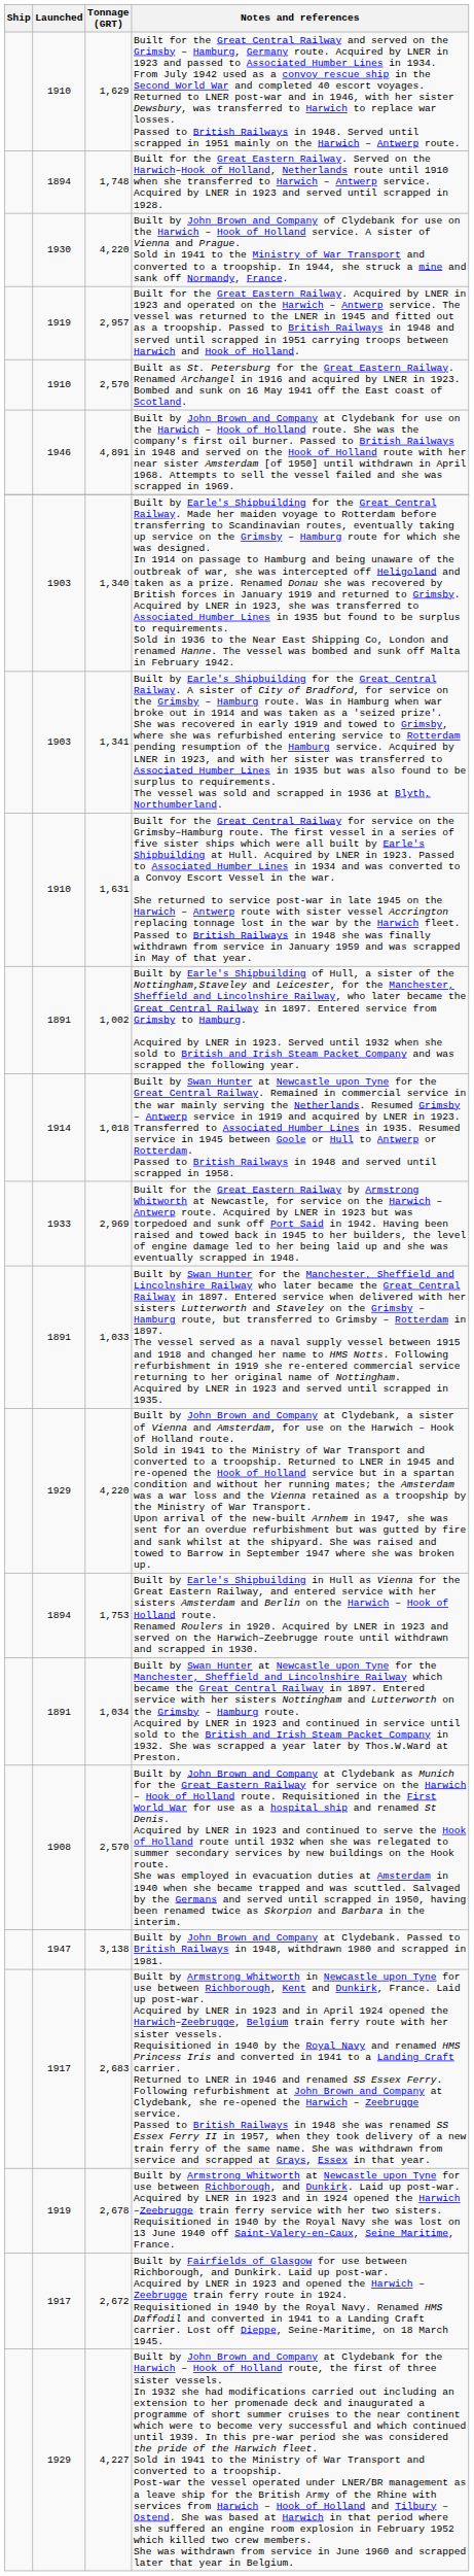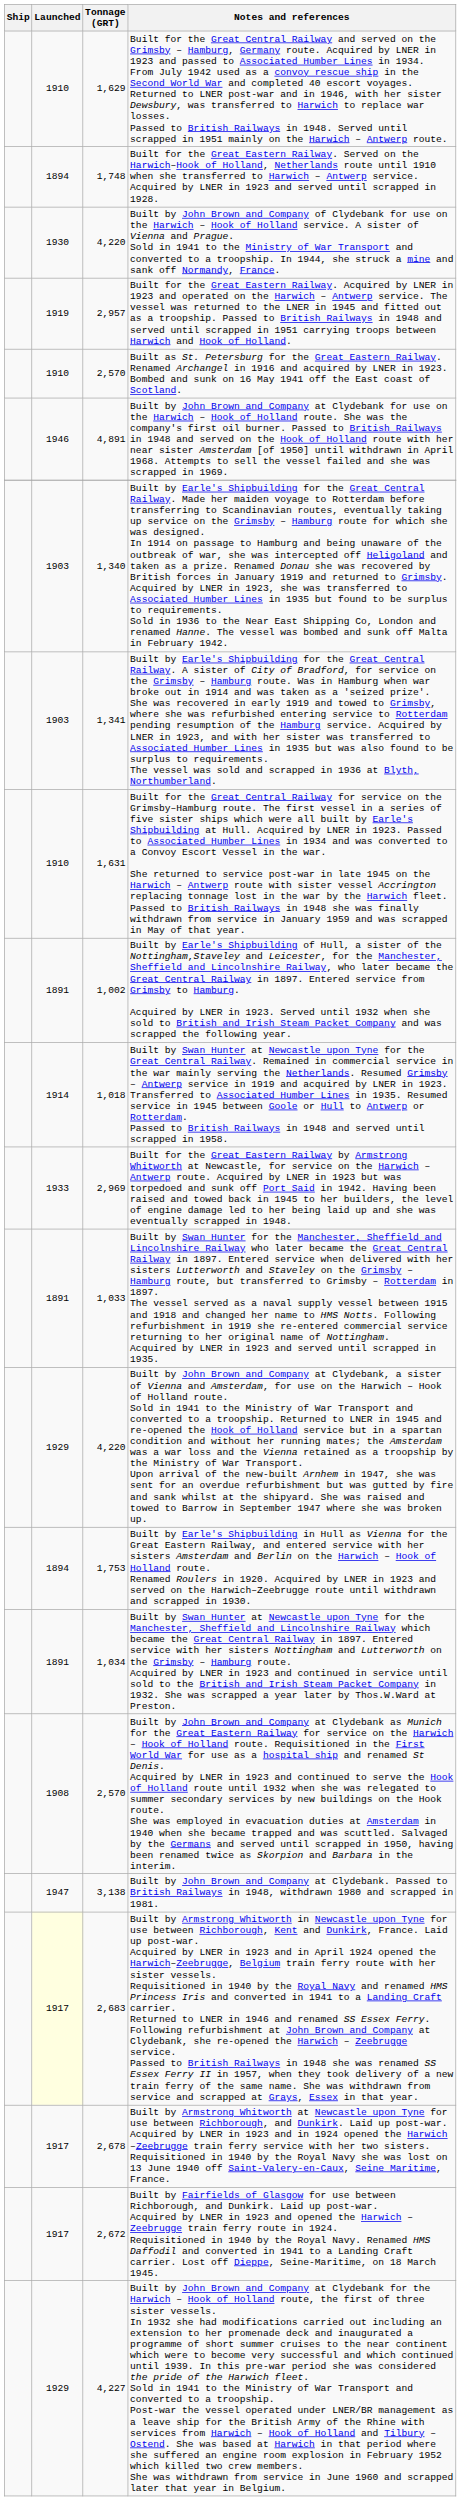 <table class="wikitable sortable">
 <tr>
 <th scope="col">Ship</th>
 <th scope="col">Launched</th>
 <th scope="col">Tonnage<br>(GRT)</th>
 <th scope="col">Notes and references</th>
 </tr>
 <tr>
 <td></td>
 <td align="center">1910</td>
 <td align="right">1,629</td>
 <td>Built for the <a href='#'>Great Central Railway</a> and served on the <a href='#'>Grimsby</a> – <a href='#'>Hamburg</a>, <a href='#'>Germany</a> route. Acquired by <abbr>LNER</abbr> in 1923 and passed to <a href='#'>Associated Humber Lines</a> in 1934.<br>From July 1942 used as a <a href='#'>convoy rescue ship</a> in the <a href='#'>Second World War</a> and completed 40 escort voyages. Returned to LNER post-war and in 1946, with her sister <em>Dewsbury</em>, was transferred to <a href='#'>Harwich</a> to replace war losses.<br>Passed to <a href='#'>British Railways</a> in 1948. Served until scrapped in 1951 mainly on the <a href='#'>Harwich</a> – <a href='#'>Antwerp</a> route.</td>
 </tr>
 <tr>
 <td></td>
 <td align="center">1894</td>
 <td align="right">1,748</td>
 <td>Built for the <a href='#'>Great Eastern Railway</a>. Served on the <a href='#'>Harwich</a>–<a href='#'>Hook of Holland</a>, <a href='#'>Netherlands</a> route until 1910 when she transferred to <a href='#'>Harwich</a> – <a href='#'>Antwerp</a> service.<br>Acquired by LNER in 1923 and served until scrapped in 1928.</td>
 </tr>
 <tr>
 <td></td>
 <td align="center">1930</td>
 <td align="right">4,220</td>
 <td>Built by <a href='#'>John Brown and Company</a> of Clydebank for use on the <a href='#'>Harwich</a> – <a href='#'>Hook of Holland</a> service. A sister of <em>Vienna</em> and <em>Prague</em>.<br>Sold in 1941 to the <a href='#'>Ministry of War Transport</a> and converted to a troopship. In 1944, she struck a <a href='#'>mine</a> and sank off <a href='#'>Normandy</a>, <a href='#'>France</a>.</td>
 </tr>
 <tr>
 <td></td>
 <td align="center">1919</td>
 <td align="right">2,957</td>
 <td>Built for the <a href='#'>Great Eastern Railway</a>. Acquired by LNER in 1923 and operated on the <a href='#'>Harwich</a> – <a href='#'>Antwerp</a> service. The vessel was returned to the LNER in 1945 and fitted out as a troopship. Passed to <a href='#'>British Railways</a> in 1948 and served until scrapped in 1951 carrying troops between <a href='#'>Harwich</a> and <a href='#'>Hook of Holland</a>.</td>
 </tr>
 <tr>
 <td></td>
 <td align="center">1910</td>
 <td align="right">2,570</td>
 <td>Built as <em>St. Petersburg</em> for the <a href='#'>Great Eastern Railway</a>. Renamed <em>Archangel</em> in 1916 and acquired by LNER in 1923. Bombed and sunk on 16 May 1941 off the East coast of <a href='#'>Scotland</a>.</td>
 </tr>
 <tr>
 <td></td>
 <td align="center">1946</td>
 <td align="right">4,891</td>
 <td>Built by <a href='#'>John Brown and Company</a> at Clydebank for use on the <a href='#'>Harwich</a> – <a href='#'>Hook of Holland</a> route. She was the company's first oil burner. Passed to <a href='#'>British Railways</a> in 1948 and served on the <a href='#'>Hook of Holland</a> route with her near sister <em>Amsterdam</em> [of 1950] until withdrawn in April 1968. Attempts to sell the vessel failed and she was scrapped in 1969.</td>
 </tr>
 <tr |>
 </tr>
 <tr>
 <td></td>
 <td align="center">1903</td>
 <td align="right">1,340</td>
 <td>Built by <a href='#'>Earle's Shipbuilding</a> for the <a href='#'>Great Central Railway</a>. Made her maiden voyage to Rotterdam before transferring to Scandinavian routes, eventually taking up service on the <a href='#'>Grimsby</a> – <a href='#'>Hamburg</a> route for which she was designed.<br>In 1914 on passage to Hamburg and being unaware of the outbreak of war, she was intercepted off <a href='#'>Heligoland</a> and taken as a prize. Renamed <em>Donau</em> she was recovered by British forces in January 1919 and returned to <a href='#'>Grimsby</a>.<br>Acquired by LNER in 1923, she was transferred to <a href='#'>Associated Humber Lines</a> in 1935 but found to be surplus to requirements.<br>Sold in 1936 to the Near East Shipping Co, London and renamed <em>Hanne</em>. The vessel was bombed and sunk off Malta in February 1942.</td>
 </tr>
 <tr>
 <td></td>
 <td align="center">1903</td>
 <td align="right">1,341</td>
 <td>Built by <a href='#'>Earle's Shipbuilding</a> for the <a href='#'>Great Central Railway</a>. A sister of <em>City of Bradford</em>, for service on the <a href='#'>Grimsby</a> – <a href='#'>Hamburg</a> route. Was in Hamburg when war broke out in 1914 and was taken as a 'seized prize'.<br>She was recovered in early 1919 and towed to <a href='#'>Grimsby</a>, where she was refurbished entering service to <a href='#'>Rotterdam</a> pending resumption of the <a href='#'>Hamburg</a> service. Acquired by LNER in 1923, and with her sister was transferred to <a href='#'>Associated Humber Lines</a> in 1935 but was also found to be surplus to requirements.<br>The vessel was sold and scrapped in 1936 at <a href='#'>Blyth, Northumberland</a>.</td>
 </tr>
 <tr>
 <td></td>
 <td align="center">1910</td>
 <td align="right">1,631</td>
 <td>Built for the <a href='#'>Great Central Railway</a> for service on the Grimsby–Hamburg route. The first vessel in a series of five sister ships which were all built by <a href='#'>Earle's Shipbuilding</a> at Hull. Acquired by LNER in 1923. Passed to <a href='#'>Associated Humber Lines</a> in 1934 and was converted to a Convoy Escort Vessel in the war.<br><br>She returned to service post-war in late 1945 on the <a href='#'>Harwich</a> – <a href='#'>Antwerp</a> route with sister vessel <em>Accrington</em> replacing tonnage lost in the war by the <a href='#'>Harwich</a> fleet. Passed to <a href='#'>British Railways</a> in 1948 she was finally withdrawn from service in January 1959 and was scrapped in May of that year.</td>
 </tr>
 <tr>
 <td></td>
 <td align="center">1891</td>
 <td align="right">1,002</td>
 <td>Built by <a href='#'>Earle's Shipbuilding</a> of Hull, a sister of the <em>Nottingham</em>,<em>Staveley</em> and <em>Leicester</em>, for the <a href='#'>Manchester, Sheffield and Lincolnshire Railway</a>, who later became the <a href='#'>Great Central Railway</a> in 1897. Entered service from <a href='#'>Grimsby</a> to <a href='#'>Hamburg</a>.<br><br>Acquired by LNER in 1923. Served until 1932 when she sold to <a href='#'>British and Irish Steam Packet Company</a> and was scrapped the following year.</td>
 </tr>
 <tr>
 <td></td>
 <td align="center">1914</td>
 <td align="right">1,018</td>
 <td>Built by <a href='#'>Swan Hunter</a> at <a href='#'>Newcastle upon Tyne</a> for the <a href='#'>Great Central Railway</a>. Remained in commercial service in the war mainly serving the <a href='#'>Netherlands</a>. Resumed <a href='#'>Grimsby</a> – <a href='#'>Antwerp</a> service in 1919 and acquired by LNER in 1923.<br>Transferred to <a href='#'>Associated Humber Lines</a> in 1935. Resumed service in 1945 between <a href='#'>Goole</a> or <a href='#'>Hull</a> to <a href='#'>Antwerp</a> or <a href='#'>Rotterdam</a>.<br>Passed to <a href='#'>British Railways</a> in 1948 and served until scrapped in 1958.</td>
 </tr>
 <tr>
 <td></td>
 <td align="center">1933</td>
 <td align="right">2,969</td>
 <td>Built for the <a href='#'>Great Eastern Railway</a> by <a href='#'>Armstrong Whitworth</a> at Newcastle, for service on the <a href='#'>Harwich</a> – <a href='#'>Antwerp</a> route. Acquired by LNER in 1923 but was torpedoed and sunk off <a href='#'>Port Said</a> in 1942. Having been raised and towed back in 1945 to her builders, the level of engine damage led to her being laid up and she was eventually scrapped in 1948.</td>
 </tr>
 <tr>
 <td></td>
 <td align="center">1891</td>
 <td align="right">1,033</td>
 <td>Built by <a href='#'>Swan Hunter</a> for the <a href='#'>Manchester, Sheffield and Lincolnshire Railway</a> who later became the <a href='#'>Great Central Railway</a> in 1897. Entered service when delivered with her sisters <em>Lutterworth</em> and <em>Staveley</em> on the <a href='#'>Grimsby</a> – <a href='#'>Hamburg</a> route, but transferred to Grimsby – <a href='#'>Rotterdam</a> in 1897.<br>The vessel served as a naval supply vessel between 1915 and 1918 and changed her name to <em>HMS Notts</em>. Following refurbishment in 1919 she re-entered commercial service returning to her original name of <em>Nottingham</em>.<br>Acquired by LNER in 1923 and served until scrapped in 1935.</td>
 </tr>
 <tr>
 <td></td>
 <td align="center">1929</td>
 <td align="right">4,220</td>
 <td>Built by <a href='#'>John Brown and Company</a> at Clydebank, a sister of <em>Vienna</em> and <em>Amsterdam</em>, for use on the Harwich – Hook of Holland route.<br>Sold in 1941 to the Ministry of War Transport and converted to a troopship. Returned to LNER in 1945 and re-opened the <a href='#'>Hook of Holland</a> service but in a spartan condition and without her running mates; the <em>Amsterdam</em> was a war loss and the <em>Vienna</em> retained as a troopship by the Ministry of War Transport.<br>Upon arrival of the new-built <em>Arnhem</em> in 1947, she was sent for an overdue refurbishment but was gutted by fire and sank whilst at the shipyard. She was raised and towed to Barrow in September 1947 where she was broken up.</td>
 </tr>
 <tr>
 <td></td>
 <td align="center">1894</td>
 <td align="right">1,753</td>
 <td>Built by <a href='#'>Earle's Shipbuilding</a> in Hull as <em>Vienna</em> for the Great Eastern Railway, and entered service with her sisters <em>Amsterdam</em> and <em>Berlin</em> on the <a href='#'>Harwich</a> – <a href='#'>Hook of Holland</a> route.<br>Renamed <em>Roulers</em> in 1920. Acquired by LNER in 1923 and served on the Harwich–Zeebrugge route until withdrawn and scrapped in 1930.</td>
 </tr>
 <tr>
 <td></td>
 <td align="center">1891</td>
 <td align="right">1,034</td>
 <td>Built by <a href='#'>Swan Hunter</a> at <a href='#'>Newcastle upon Tyne</a> for the <a href='#'>Manchester, Sheffield and Lincolnshire Railway</a> which became the <a href='#'>Great Central Railway</a> in 1897. Entered service with her sisters <em>Nottingham</em> and <em>Lutterworth</em> on the <a href='#'>Grimsby</a> – <a href='#'>Hamburg</a> route.<br>Acquired by LNER in 1923 and continued in service until sold to the <a href='#'>British and Irish Steam Packet Company</a> in 1932. She was scrapped a year later by Thos.W.Ward at Preston.</td>
 </tr>
 <tr>
 <td></td>
 <td align="center">1908</td>
 <td align="right">2,570</td>
 <td>Built by <a href='#'>John Brown and Company</a> at Clydebank as <em>Munich</em> for the <a href='#'>Great Eastern Railway</a> for service on the <a href='#'>Harwich</a> – <a href='#'>Hook of Holland</a> route. Requisitioned in the <a href='#'>First World War</a> for use as a <a href='#'>hospital ship</a> and renamed <em>St Denis</em>.<br>Acquired by LNER in 1923 and continued to serve the <a href='#'>Hook of Holland</a> route until 1932 when she was relegated to summer secondary services by new buildings on the Hook route.<br>She was employed in evacuation duties at <a href='#'>Amsterdam</a> in 1940 when she became trapped and was scuttled. Salvaged by the <a href='#'>Germans</a> and served until scrapped in 1950, having been renamed twice as <em>Skorpion</em> and <em>Barbara</em> in the interim.</td>
 </tr>
 <tr>
 <td></td>
 <td align="center">1947</td>
 <td align="right">3,138</td>
 <td>Built by <a href='#'>John Brown and Company</a> at Clydebank. Passed to <a href='#'>British Railways</a> in 1948, withdrawn 1980 and scrapped in 1981.</td>
 </tr>
 <tr>
 <td></td>
-<td align="center">1917</td>
+<td align="center" style="background: lightyellow;">1917</td>
 <td align="right">2,683</td>
 <td>Built by <a href='#'>Armstrong Whitworth</a> in <a href='#'>Newcastle upon Tyne</a> for use between <a href='#'>Richborough</a>, <a href='#'>Kent</a> and <a href='#'>Dunkirk</a>, France. Laid up post-war.<br>Acquired by LNER in 1923 and in April 1924 opened the <a href='#'>Harwich</a>–<a href='#'>Zeebrugge</a>, <a href='#'>Belgium</a> train ferry route with her sister vessels.<br>Requisitioned in 1940 by the <a href='#'>Royal Navy</a> and renamed <em>HMS Princess Iris</em> and converted in 1941 to a <a href='#'>Landing Craft</a> carrier.<br>Returned to LNER in 1946 and renamed <em>SS Essex Ferry</em>. Following refurbishment at <a href='#'>John Brown and Company</a> at Clydebank, she re-opened the <a href='#'>Harwich</a> – <a href='#'>Zeebrugge</a> service.<br>Passed to <a href='#'>British Railways</a> in 1948 she was renamed <em>SS Essex Ferry II</em> in 1957, when they took delivery of a new train ferry of the same name. She was withdrawn from service and scrapped at <a href='#'>Grays</a>, <a href='#'>Essex</a> in that year.</td>
 </tr>
 <tr>
 <td></td>
-<td align="center">1919</td>
+<td align="center">1917</td>
 <td align="right">2,678</td>
 <td>Built by <a href='#'>Armstrong Whitworth</a> at <a href='#'>Newcastle upon Tyne</a> for use between <a href='#'>Richborough</a>, and <a href='#'>Dunkirk</a>. Laid up post-war.<br>Acquired by LNER in 1923 and in 1924 opened the <a href='#'>Harwich</a> –<a href='#'>Zeebrugge</a> train ferry service with her two sisters. Requisitioned in 1940 by the Royal Navy she was lost on 13 June 1940 off <a href='#'>Saint-Valery-en-Caux</a>, <a href='#'>Seine Maritime</a>, France.</td>
 </tr>
 <tr>
 <td></td>
 <td align="center">1917</td>
 <td align="right">2,672</td>
 <td>Built by <a href='#'>Fairfields of Glasgow</a> for use between Richborough, and Dunkirk. Laid up post-war.<br>Acquired by LNER in 1923 and opened the <a href='#'>Harwich</a> – <a href='#'>Zeebrugge</a> train ferry route in 1924.<br>Requisitioned in 1940 by the Royal Navy. Renamed <em>HMS Daffodil</em> and converted in 1941 to a Landing Craft carrier. Lost off <a href='#'>Dieppe</a>, Seine-Maritime, on 18 March 1945.</td>
 </tr>
 <tr>
 <td></td>
 <td align="center">1929</td>
 <td align="right">4,227</td>
 <td>Built by <a href='#'>John Brown and Company</a> at Clydebank for the <a href='#'>Harwich</a> – <a href='#'>Hook of Holland</a> route, the first of three sister vessels.<br>In 1932 she had modifications carried out including an extension to her promenade deck and inaugurated a programme of short summer cruises to the near continent which were to become very successful and which continued until 1939. In this pre-war period she was considered <em>the pride of the Harwich fleet</em>.<br>Sold in 1941 to the Ministry of War Transport and converted to a troopship.<br>Post-war the vessel operated under LNER/BR management as a leave ship for the British Army of the Rhine with services from <a href='#'>Harwich</a> – <a href='#'>Hook of Holland</a> and <a href='#'>Tilbury</a> – <a href='#'>Ostend</a>. She was based at <a href='#'>Harwich</a> in that period where she suffered an engine room explosion in February 1952 which killed two crew members.<br>She was withdrawn from service in June 1960 and scrapped later that year in Belgium.</td>
 </tr>
 </table>
